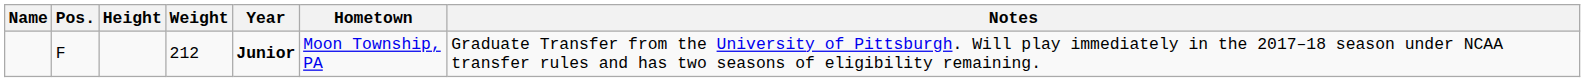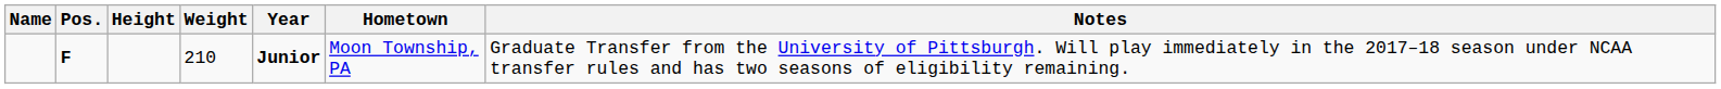 <table class="wikitable sortable" style="font-size:100%;" border="1">
 <tr>
 <th>Name</th>
 <th>Pos.</th>
 <th>Height</th>
 <th>Weight</th>
 <th>Year</th>
 <th>Hometown</th>
 <th ! class="unsortable">Notes</th>
 </tr>
 <tr>
 <td></td>
-<td>F</td>
+<td><strong>F</strong></td>
 <td></td>
-<td>212</td>
+<td>210</td>
 <td><strong>Junior</strong></td>
 <td><a href='#'>Moon Township, PA</a></td>
 <td>Graduate Transfer from the <a href='#'>University of Pittsburgh</a>. Will play immediately in the 2017–18 season under NCAA transfer rules and has two seasons of eligibility remaining.</td>
 </tr>
 </table>
